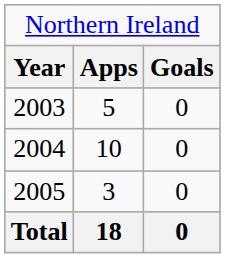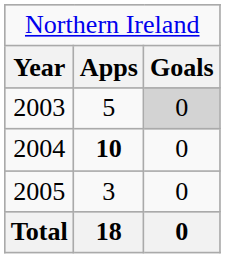 <table class="wikitable" style="text-align:center">
 <tr>
 <td colspan=3><a href='#'>Northern Ireland</a></td>
 </tr>
 <tr>
 <th>Year</th>
 <th>Apps</th>
 <th>Goals</th>
 </tr>
 <tr>
 <td>2003</td>
 <td>5</td>
-<td>0</td>
+<td style="background: lightgrey;">0</td>
 </tr>
 <tr>
 <td>2004</td>
-<td>10</td>
+<td><strong>10</strong></td>
 <td>0</td>
 </tr>
 <tr>
 <td>2005</td>
 <td>3</td>
 <td>0</td>
 </tr>
 <tr>
 <th>Total</th>
 <th>18</th>
 <th>0</th>
 </tr>
 </table>
